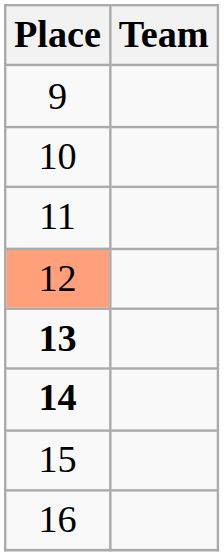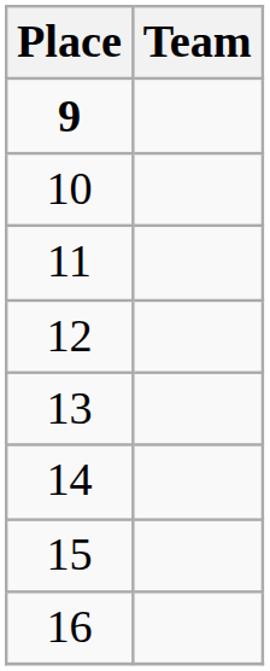 <table class="wikitable" style="text-align:center; padding-bottom:0;">
 <tr>
 <th>Place</th>
 <th style="text-align:left;">Team</th>
 </tr>
 <tr>
-<td>9</td>
+<td><strong>9</strong></td>
 <td align=left></td>
 </tr>
 <tr>
 <td>10</td>
 <td align=left></td>
 </tr>
 <tr>
 <td>11</td>
 <td align=left></td>
 </tr>
 <tr>
-<td style="background: lightsalmon;">12</td>
+<td>12</td>
 <td align=left></td>
 </tr>
 <tr>
-<td><strong>13</strong></td>
+<td>13</td>
 <td align=left></td>
 </tr>
 <tr>
-<td><strong>14</strong></td>
+<td>14</td>
 <td align=left></td>
 </tr>
 <tr>
 <td>15</td>
 <td align=left></td>
 </tr>
 <tr>
 <td>16</td>
 <td align=left></td>
 </tr>
 <tr>
 </tr>
 </table>
